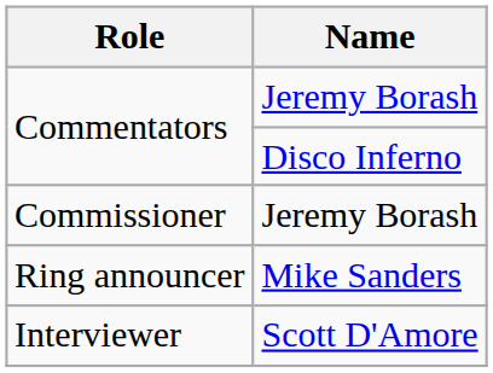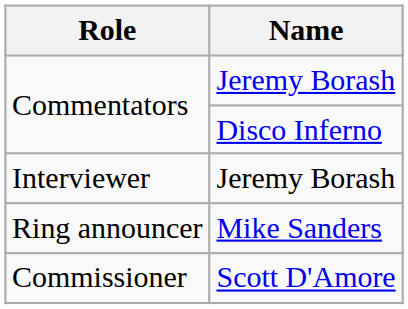 <table class=wikitable style="font-size:90%; margin: 0.5em 0 0.5em 1em; float: right; clear: right;">
 <tr>
 <th>Role</th>
 <th>Name</th>
 </tr>
 <tr>
 <td rowspan=2>Commentators</td>
 <td><a href='#'>Jeremy Borash</a></td>
 </tr>
 <tr>
 <td><a href='#'>Disco Inferno</a></td>
 </tr>
 <tr>
-<td>Commissioner</td>
+<td>Interviewer</td>
 <td>Jeremy Borash</td>
 </tr>
 <tr>
 <td>Ring announcer</td>
 <td><a href='#'>Mike Sanders</a></td>
 </tr>
 <tr>
-<td>Interviewer</td>
+<td>Commissioner</td>
 <td><a href='#'>Scott D'Amore</a></td>
 </tr>
 </table>
